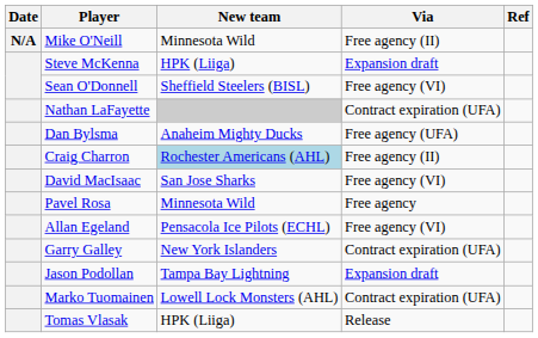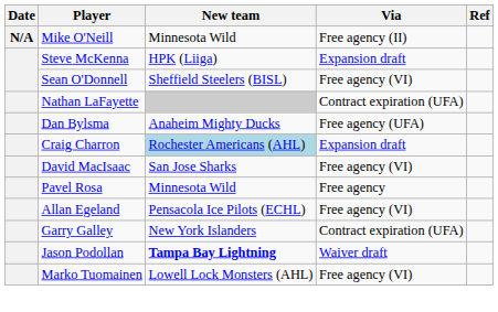 <table class="wikitable plainrowheaders">
 <tr style="background:#ddd; text-align:center;">
 <th>Date</th>
 <th>Player</th>
 <th>New team</th>
 <th>Via</th>
 <th>Ref</th>
 </tr>
 <tr>
 <th scope="row">N/A</th>
 <td><a href='#'>Mike O'Neill</a></td>
 <td>Minnesota Wild</td>
 <td>Free agency (II)</td>
 <td></td>
 </tr>
 <tr>
 <th scope="row" rowspan=2></th>
 <td><a href='#'>Steve McKenna</a></td>
 <td><a href='#'>HPK</a> (<a href='#'>Liiga</a>)</td>
 <td><a href='#'>Expansion draft</a></td>
 <td></td>
 </tr>
 <tr>
 <td><a href='#'>Sean O'Donnell</a></td>
 <td><a href='#'>Sheffield Steelers</a> (<a href='#'>BISL</a>)</td>
 <td>Free agency (VI)</td>
 <td></td>
 </tr>
 <tr>
 <th scope="row"></th>
 <td><a href='#'>Nathan LaFayette</a></td>
 <td style="background:#ccc"></td>
 <td>Contract expiration (UFA)</td>
 <td></td>
 </tr>
 <tr>
 <th scope="row"></th>
 <td><a href='#'>Dan Bylsma</a></td>
 <td><a href='#'>Anaheim Mighty Ducks</a></td>
 <td>Free agency (UFA)</td>
 <td></td>
 </tr>
 <tr>
 <th scope="row"></th>
 <td><a href='#'>Craig Charron</a></td>
 <td style="background: lightblue;"><a href='#'>Rochester Americans</a> (<a href='#'>AHL</a>)</td>
-<td>Free agency (II)</td>
+<td><a href='#'>Expansion draft</a></td>
 <td></td>
 </tr>
 <tr>
 <th scope="row"></th>
 <td><a href='#'>David MacIsaac</a></td>
 <td><a href='#'>San Jose Sharks</a></td>
 <td>Free agency (VI)</td>
 <td></td>
 </tr>
 <tr>
 <th scope="row"></th>
 <td><a href='#'>Pavel Rosa</a></td>
 <td><a href='#'>Minnesota Wild</a></td>
 <td>Free agency</td>
 <td></td>
 </tr>
 <tr>
 <th scope="row"></th>
 <td><a href='#'>Allan Egeland</a></td>
 <td><a href='#'>Pensacola Ice Pilots</a> (<a href='#'>ECHL</a>)</td>
 <td>Free agency (VI)</td>
 <td></td>
 </tr>
 <tr>
 <th scope="row"></th>
 <td><a href='#'>Garry Galley</a></td>
 <td><a href='#'>New York Islanders</a></td>
 <td>Contract expiration (UFA)</td>
 <td></td>
 </tr>
 <tr>
 <th scope="row"></th>
 <td><a href='#'>Jason Podollan</a></td>
-<td><a href='#'>Tampa Bay Lightning</a></td>
-<td><a href='#'>Expansion draft</a></td>
+<td><strong><a href='#'>Tampa Bay Lightning</a></strong></td>
+<td><a href='#'>Waiver draft</a></td>
 <td></td>
 </tr>
 <tr>
 <th scope="row"></th>
 <td><a href='#'>Marko Tuomainen</a></td>
 <td><a href='#'>Lowell Lock Monsters</a> (AHL)</td>
-<td>Contract expiration (UFA)</td>
-<td></td>
-</tr>
-<tr>
-<th scope="row"></th>
-<td><a href='#'>Tomas Vlasak</a></td>
-<td>HPK (Liiga)</td>
-<td>Release</td>
+<td>Free agency (VI)</td>
 <td></td>
 </tr>
 </table>
